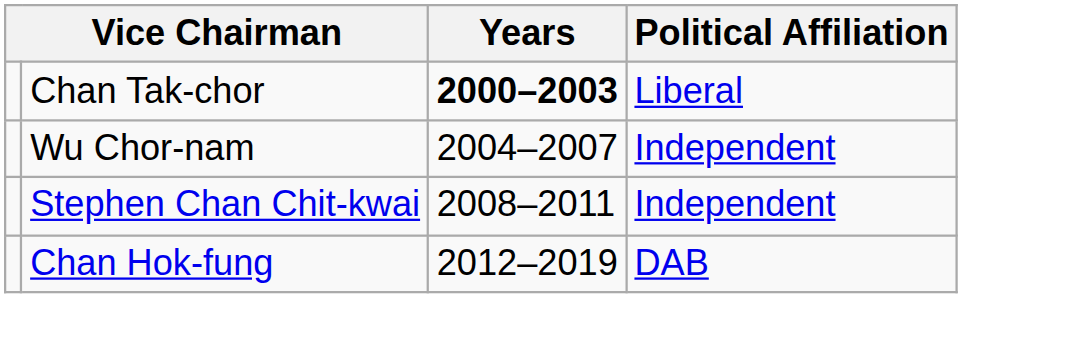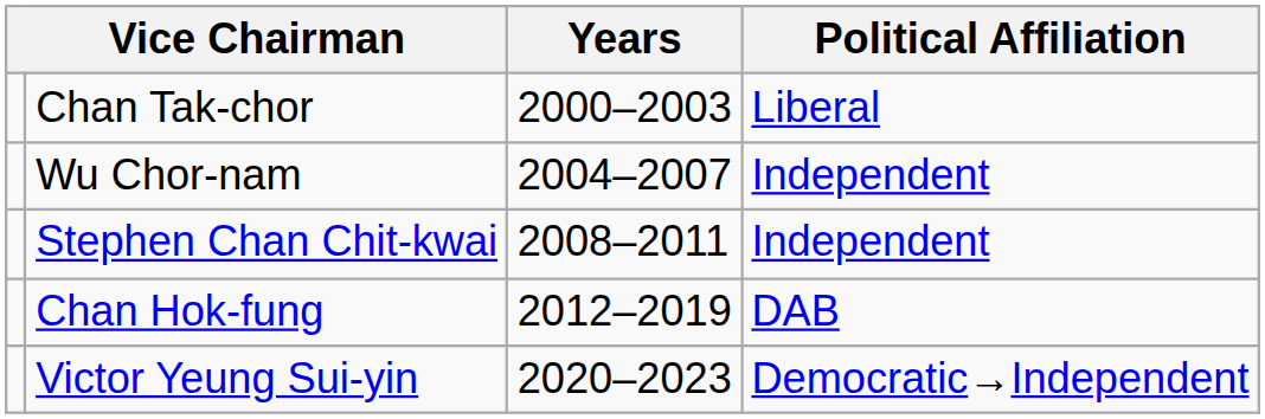 <table class="wikitable">
 <tr>
 <th colspan=2>Vice Chairman</th>
 <th>Years</th>
 <th>Political Affiliation</th>
 </tr>
 <tr>
 <td style="color:inherit;background: "></td>
 <td>Chan Tak-chor</td>
-<td><strong>2000–2003</strong></td>
+<td>2000–2003</td>
 <td><a href='#'>Liberal</a></td>
 </tr>
 <tr>
 <td style="color:inherit;background: "></td>
 <td>Wu Chor-nam</td>
 <td>2004–2007</td>
 <td><a href='#'>Independent</a></td>
 </tr>
 <tr>
 <td style="color:inherit;background: "></td>
 <td><a href='#'>Stephen Chan Chit-kwai</a></td>
 <td>2008–2011</td>
 <td><a href='#'>Independent</a></td>
 </tr>
 <tr>
 <td style="color:inherit;background: "></td>
 <td><a href='#'>Chan Hok-fung</a></td>
 <td>2012–2019</td>
 <td><a href='#'>DAB</a></td>
 </tr>
+<tr>
+<td style="color:inherit;background: "></td>
+<td><a href='#'>Victor Yeung Sui-yin</a></td>
+<td>2020–2023</td>
+<td><a href='#'>Democratic</a>→<a href='#'>Independent</a></td>
+</tr>
 </table>
